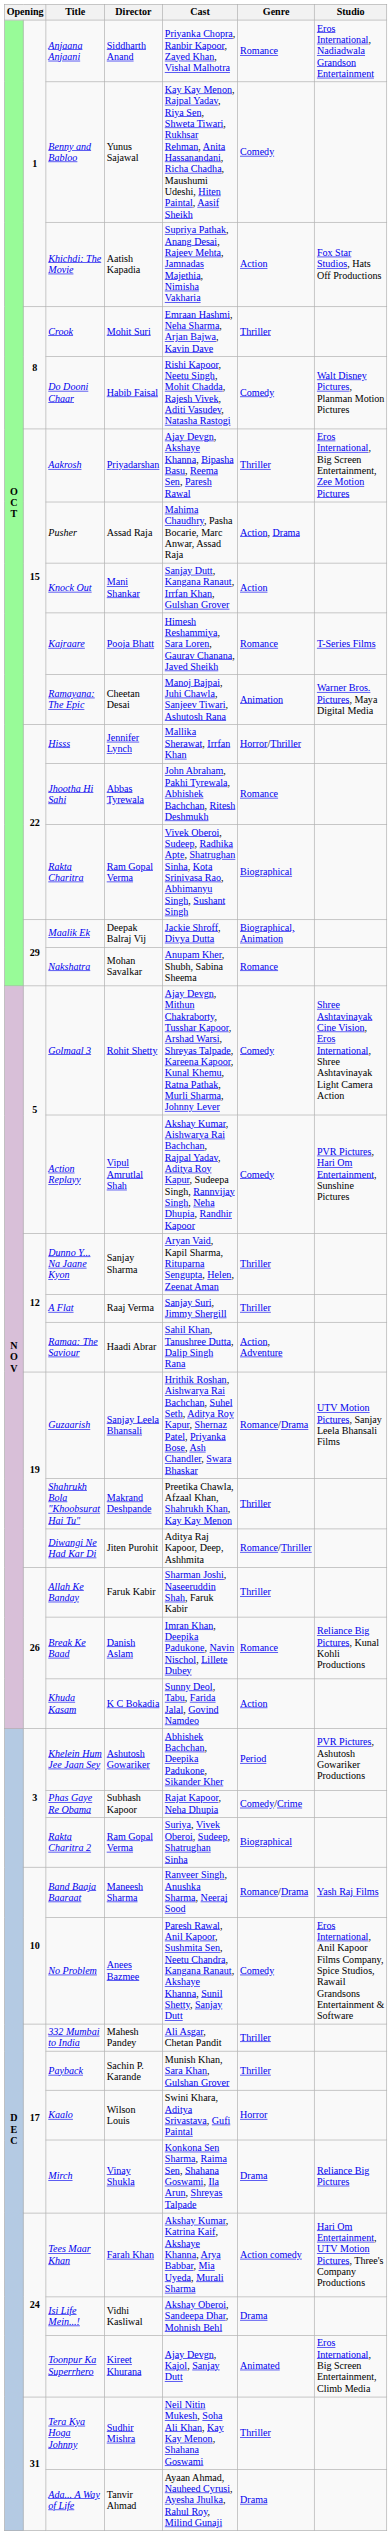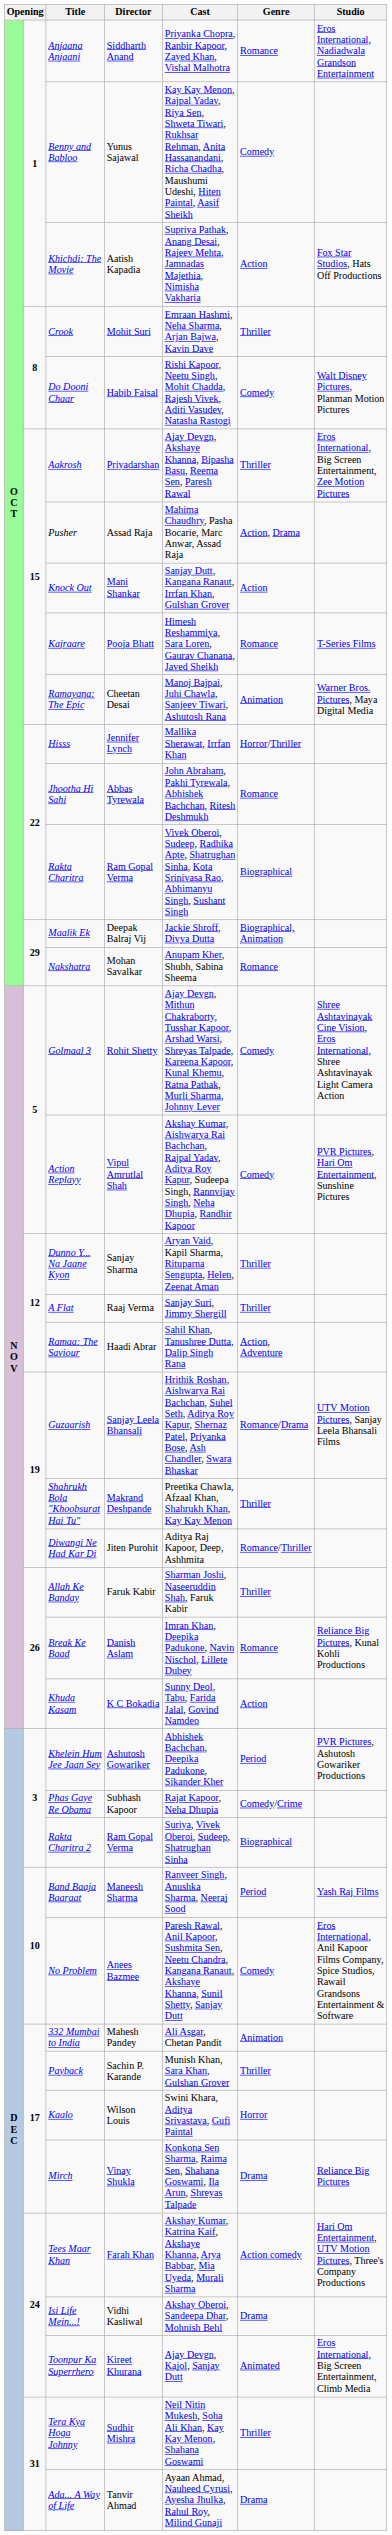 <table class="wikitable">
 <tr style="background:#b0e0e66; text-align:center;">
 <th colspan="2">Opening</th>
 <th>Title</th>
 <th>Director</th>
 <th>Cast</th>
 <th>Genre</th>
 <th>Studio</th>
 </tr>
 <tr>
 <td rowspan="15"   style="text-align:center; background:#98fb98; textcolor:#000;"><strong>O<br>C<br>T</strong></td>
 <td rowspan="3" style="text-align:center;"><strong>1</strong></td>
 <td><em><a href='#'>Anjaana Anjaani</a></em></td>
 <td><a href='#'>Siddharth Anand</a></td>
 <td><a href='#'>Priyanka Chopra</a>, <a href='#'>Ranbir Kapoor</a>, <a href='#'>Zayed Khan</a>, <a href='#'>Vishal Malhotra</a></td>
 <td><a href='#'>Romance</a></td>
 <td><a href='#'>Eros International</a>, <a href='#'>Nadiadwala Grandson Entertainment</a></td>
 </tr>
 <tr>
 <td><em><a href='#'>Benny and Babloo</a></em></td>
 <td>Yunus Sajawal</td>
 <td><a href='#'>Kay Kay Menon</a>, <a href='#'>Rajpal Yadav</a>, <a href='#'>Riya Sen</a>, <a href='#'>Shweta Tiwari</a>, <a href='#'>Rukhsar Rehman</a>, <a href='#'>Anita Hassanandani</a>, <a href='#'>Richa Chadha</a>, Maushumi Udeshi, <a href='#'>Hiten Paintal</a>, <a href='#'>Aasif Sheikh</a></td>
 <td><a href='#'>Comedy</a></td>
 <td></td>
 </tr>
 <tr>
 <td><em><a href='#'>Khichdi: The Movie</a></em></td>
 <td>Aatish Kapadia</td>
 <td><a href='#'>Supriya Pathak</a>, <a href='#'>Anang Desai</a>, <a href='#'>Rajeev Mehta</a>, <a href='#'>Jamnadas Majethia</a>, <a href='#'>Nimisha Vakharia</a></td>
 <td><a href='#'>Action</a></td>
 <td><a href='#'>Fox Star Studios</a>, Hats Off Productions</td>
 </tr>
 <tr>
 <td rowspan="2" style="text-align:center;"><strong>8</strong></td>
 <td><em><a href='#'>Crook</a></em></td>
 <td><a href='#'>Mohit Suri</a></td>
 <td><a href='#'>Emraan Hashmi</a>, <a href='#'>Neha Sharma</a>, <a href='#'>Arjan Bajwa</a>, <a href='#'>Kavin Dave</a></td>
 <td><a href='#'>Thriller</a></td>
 <td></td>
 </tr>
 <tr>
 <td><em><a href='#'>Do Dooni Chaar</a></em></td>
 <td><a href='#'>Habib Faisal</a></td>
 <td><a href='#'>Rishi Kapoor</a>, <a href='#'>Neetu Singh</a>, <a href='#'>Mohit Chadda</a>, <a href='#'>Rajesh Vivek</a>, <a href='#'>Aditi Vasudev</a>, <a href='#'>Natasha Rastogi</a></td>
 <td><a href='#'>Comedy</a></td>
 <td><a href='#'>Walt Disney Pictures</a>, Planman Motion Pictures</td>
 </tr>
 <tr>
 <td rowspan="5" style="text-align:center;"><strong>15</strong></td>
 <td><em><a href='#'>Aakrosh</a></em></td>
 <td><a href='#'>Priyadarshan</a></td>
 <td><a href='#'>Ajay Devgn</a>, <a href='#'>Akshaye Khanna</a>, <a href='#'>Bipasha Basu</a>, <a href='#'>Reema Sen</a>, <a href='#'>Paresh Rawal</a></td>
 <td><a href='#'>Thriller</a></td>
 <td><a href='#'>Eros International</a>, Big Screen Entertainment, <a href='#'>Zee Motion Pictures</a></td>
 </tr>
 <tr>
 <td><em>Pusher</em></td>
 <td>Assad Raja</td>
 <td><a href='#'>Mahima Chaudhry</a>, Pasha Bocarie, Marc Anwar, Assad Raja</td>
 <td><a href='#'>Action</a>, <a href='#'>Drama</a></td>
 <td></td>
 </tr>
 <tr>
 <td><em><a href='#'>Knock Out</a></em></td>
 <td><a href='#'>Mani Shankar</a></td>
 <td><a href='#'>Sanjay Dutt</a>, <a href='#'>Kangana Ranaut</a>, <a href='#'>Irrfan Khan</a>, <a href='#'>Gulshan Grover</a></td>
 <td><a href='#'>Action</a></td>
 <td></td>
 </tr>
 <tr>
 <td><em><a href='#'>Kajraare</a></em></td>
 <td><a href='#'>Pooja Bhatt</a></td>
 <td><a href='#'>Himesh Reshammiya</a>, <a href='#'>Sara Loren</a>, <a href='#'>Gaurav Chanana</a>, <a href='#'>Javed Sheikh</a></td>
 <td><a href='#'>Romance</a></td>
 <td><a href='#'>T-Series Films</a></td>
 </tr>
 <tr>
 <td><em><a href='#'>Ramayana: The Epic</a></em></td>
 <td>Cheetan Desai</td>
 <td><a href='#'>Manoj Bajpai</a>, <a href='#'>Juhi Chawla</a>, <a href='#'>Sanjeev Tiwari</a>, <a href='#'>Ashutosh Rana</a></td>
 <td><a href='#'>Animation</a></td>
 <td><a href='#'>Warner Bros. Pictures</a>, Maya Digital Media</td>
 </tr>
 <tr>
 <td rowspan="3" style="text-align:center;"><strong>22</strong></td>
 <td><em><a href='#'>Hisss</a></em></td>
 <td><a href='#'>Jennifer Lynch</a></td>
 <td><a href='#'>Mallika Sherawat</a>, <a href='#'>Irrfan Khan</a></td>
 <td><a href='#'>Horror</a>/<a href='#'>Thriller</a></td>
 <td></td>
 </tr>
 <tr>
 <td><em><a href='#'>Jhootha Hi Sahi</a></em></td>
 <td><a href='#'>Abbas Tyrewala</a></td>
 <td><a href='#'>John Abraham</a>, <a href='#'>Pakhi Tyrewala</a>, <a href='#'>Abhishek Bachchan</a>, <a href='#'>Ritesh Deshmukh</a></td>
 <td><a href='#'>Romance</a></td>
 <td></td>
 </tr>
 <tr>
 <td><em><a href='#'>Rakta Charitra</a></em></td>
 <td><a href='#'>Ram Gopal Verma</a></td>
 <td><a href='#'>Vivek Oberoi</a>, <a href='#'>Sudeep</a>, <a href='#'>Radhika Apte</a>, <a href='#'>Shatrughan Sinha</a>, <a href='#'>Kota Srinivasa Rao</a>, <a href='#'>Abhimanyu Singh</a>, <a href='#'>Sushant Singh</a></td>
 <td><a href='#'>Biographical</a></td>
 <td></td>
 </tr>
 <tr>
 <td rowspan="2" style="text-align:center;"><strong>29</strong></td>
 <td><em><a href='#'>Maalik Ek</a></em></td>
 <td>Deepak Balraj Vij</td>
 <td><a href='#'>Jackie Shroff</a>, <a href='#'>Divya Dutta</a></td>
 <td><a href='#'>Biographical, Animation</a></td>
 <td></td>
 </tr>
 <tr>
 <td><em><a href='#'>Nakshatra</a></em></td>
 <td>Mohan Savalkar</td>
 <td><a href='#'>Anupam Kher</a>, Shubh, Sabina Sheema</td>
 <td><a href='#'>Romance</a></td>
 <td></td>
 </tr>
 <tr>
 <td rowspan="11"   style="text-align:center; background:thistle; textcolor:#000;"><strong>N<br>O<br>V</strong></td>
 <td rowspan="2" style="text-align:center;"><strong>5</strong></td>
 <td><em><a href='#'>Golmaal 3</a></em></td>
 <td><a href='#'>Rohit Shetty</a></td>
 <td><a href='#'>Ajay Devgn</a>, <a href='#'>Mithun Chakraborty</a>, <a href='#'>Tusshar Kapoor</a>, <a href='#'>Arshad Warsi</a>, <a href='#'>Shreyas Talpade</a>, <a href='#'>Kareena Kapoor</a>, <a href='#'>Kunal Khemu</a>, <a href='#'>Ratna Pathak</a>, <a href='#'>Murli Sharma</a>, <a href='#'>Johnny Lever</a></td>
 <td><a href='#'>Comedy</a></td>
 <td><a href='#'>Shree Ashtavinayak Cine Vision</a>, <a href='#'>Eros International</a>, Shree Ashtavinayak Light Camera Action</td>
 </tr>
 <tr>
 <td><em><a href='#'>Action Replayy</a></em></td>
 <td><a href='#'>Vipul Amrutlal Shah</a></td>
 <td><a href='#'>Akshay Kumar</a>, <a href='#'>Aishwarya Rai Bachchan</a>, <a href='#'>Rajpal Yadav</a>, <a href='#'>Aditya Roy Kapur</a>, Sudeepa Singh, <a href='#'>Rannvijay Singh</a>, <a href='#'>Neha Dhupia</a>, <a href='#'>Randhir Kapoor</a></td>
 <td><a href='#'>Comedy</a></td>
 <td><a href='#'>PVR Pictures</a>, <a href='#'>Hari Om Entertainment</a>, Sunshine Pictures</td>
 </tr>
 <tr>
 <td rowspan="3" style="text-align:center;"><strong>12</strong></td>
 <td><em><a href='#'>Dunno Y... Na Jaane Kyon</a></em></td>
 <td>Sanjay Sharma</td>
 <td><a href='#'>Aryan Vaid</a>, Kapil Sharma, <a href='#'>Rituparna Sengupta</a>, <a href='#'>Helen</a>, <a href='#'>Zeenat Aman</a></td>
 <td><a href='#'>Thriller</a></td>
 <td></td>
 </tr>
 <tr>
 <td><em><a href='#'>A Flat</a></em></td>
 <td>Raaj Verma</td>
 <td><a href='#'>Sanjay Suri</a>, <a href='#'>Jimmy Shergill</a></td>
 <td><a href='#'>Thriller</a></td>
 <td></td>
 </tr>
 <tr>
 <td><em><a href='#'>Ramaa: The Saviour</a></em></td>
 <td>Haadi Abrar</td>
 <td><a href='#'>Sahil Khan</a>, <a href='#'>Tanushree Dutta</a>, <a href='#'>Dalip Singh Rana</a></td>
 <td><a href='#'>Action</a>, <a href='#'>Adventure</a></td>
 <td></td>
 </tr>
 <tr>
 <td rowspan="3" style="text-align:center;"><strong>19</strong></td>
 <td><em><a href='#'>Guzaarish</a></em></td>
 <td><a href='#'>Sanjay Leela Bhansali</a></td>
 <td><a href='#'>Hrithik Roshan</a>, <a href='#'>Aishwarya Rai Bachchan</a>, <a href='#'>Suhel Seth</a>, <a href='#'>Aditya Roy Kapur</a>, <a href='#'>Shernaz Patel</a>, <a href='#'>Priyanka Bose</a>, <a href='#'>Ash Chandler</a>, <a href='#'>Swara Bhaskar</a></td>
 <td><a href='#'>Romance</a>/<a href='#'>Drama</a></td>
 <td><a href='#'>UTV Motion Pictures</a>, Sanjay Leela Bhansali Films</td>
 </tr>
 <tr>
 <td><em><a href='#'>Shahrukh Bola "Khoobsurat Hai Tu"</a></em></td>
 <td><a href='#'>Makrand Deshpande</a></td>
 <td>Preetika Chawla, Afzaal Khan, <a href='#'>Shahrukh Khan</a>, <a href='#'>Kay Kay Menon</a></td>
 <td><a href='#'>Thriller</a></td>
 <td></td>
 </tr>
 <tr>
 <td><em><a href='#'>Diwangi Ne Had Kar Di</a></em></td>
 <td>Jiten Purohit</td>
 <td>Aditya Raj Kapoor, Deep, Ashhmita</td>
 <td><a href='#'>Romance</a>/<a href='#'>Thriller</a></td>
 <td></td>
 </tr>
 <tr>
 <td rowspan="3" style="text-align:center;"><strong>26</strong></td>
 <td><em><a href='#'>Allah Ke Banday</a></em></td>
 <td>Faruk Kabir</td>
 <td><a href='#'>Sharman Joshi</a>, <a href='#'>Naseeruddin Shah</a>, Faruk Kabir</td>
 <td><a href='#'>Thriller</a></td>
 <td></td>
 </tr>
 <tr>
 <td><em><a href='#'>Break Ke Baad</a></em></td>
 <td><a href='#'>Danish Aslam</a></td>
 <td><a href='#'>Imran Khan</a>, <a href='#'>Deepika Padukone</a>, <a href='#'>Navin Nischol</a>, <a href='#'>Lillete Dubey</a></td>
 <td><a href='#'>Romance</a></td>
 <td><a href='#'>Reliance Big Pictures</a>, Kunal Kohli Productions</td>
 </tr>
 <tr>
 <td><em><a href='#'>Khuda Kasam</a></em></td>
 <td><a href='#'>K C Bokadia</a></td>
 <td><a href='#'>Sunny Deol</a>, <a href='#'>Tabu</a>, <a href='#'>Farida Jalal</a>, <a href='#'>Govind Namdeo</a></td>
 <td><a href='#'>Action</a></td>
 <td></td>
 </tr>
 <tr>
 <td rowspan="16"   style="text-align:center; background:#b4cae3; textcolor:#000;"><strong>D<br>E<br>C</strong></td>
 <td rowspan="3"  style="text-align:center;"><strong>3</strong></td>
 <td><em><a href='#'>Khelein Hum Jee Jaan Sey</a></em></td>
 <td><a href='#'>Ashutosh Gowariker</a></td>
 <td><a href='#'>Abhishek Bachchan</a>, <a href='#'>Deepika Padukone</a>, <a href='#'>Sikander Kher</a></td>
 <td><a href='#'>Period</a></td>
 <td><a href='#'>PVR Pictures</a>, Ashutosh Gowariker Productions</td>
 </tr>
 <tr>
 <td><em><a href='#'>Phas Gaye Re Obama</a></em></td>
 <td>Subhash Kapoor</td>
 <td><a href='#'>Rajat Kapoor</a>, <a href='#'>Neha Dhupia</a></td>
 <td><a href='#'>Comedy</a>/<a href='#'>Crime</a></td>
 <td></td>
 </tr>
 <tr>
 <td><em><a href='#'>Rakta Charitra 2</a></em></td>
 <td><a href='#'>Ram Gopal Verma</a></td>
 <td><a href='#'>Suriya</a>, <a href='#'>Vivek Oberoi</a>, <a href='#'>Sudeep</a>, <a href='#'>Shatrughan Sinha</a></td>
 <td><a href='#'>Biographical</a></td>
 <td></td>
 </tr>
 <tr>
 <td rowspan="2"  style="text-align:center;"><strong>10</strong></td>
 <td><em><a href='#'>Band Baaja Baaraat</a></em></td>
 <td><a href='#'>Maneesh Sharma</a></td>
 <td><a href='#'>Ranveer Singh</a>, <a href='#'>Anushka Sharma</a>, <a href='#'>Neeraj Sood</a></td>
-<td><a href='#'>Romance</a>/<a href='#'>Drama</a></td>
+<td><a href='#'>Period</a></td>
 <td><a href='#'>Yash Raj Films</a></td>
 </tr>
 <tr>
 <td><em><a href='#'>No Problem</a></em></td>
 <td><a href='#'>Anees Bazmee</a></td>
 <td><a href='#'>Paresh Rawal</a>, <a href='#'>Anil Kapoor</a>, <a href='#'>Sushmita Sen</a>, <a href='#'>Neetu Chandra</a>, <a href='#'>Kangana Ranaut</a>, <a href='#'>Akshaye Khanna</a>, <a href='#'>Sunil Shetty</a>, <a href='#'>Sanjay Dutt</a></td>
 <td><a href='#'>Comedy</a></td>
 <td><a href='#'>Eros International</a>, Anil Kapoor Films Company, Spice Studios, Rawail Grandsons Entertainment & Software</td>
 </tr>
 <tr>
 <td rowspan="4"  style="text-align:center;"><strong>17</strong></td>
 <td><em><a href='#'>332 Mumbai to India</a></em></td>
 <td>Mahesh Pandey</td>
 <td><a href='#'>Ali Asgar</a>, Chetan Pandit</td>
-<td><a href='#'>Thriller</a></td>
+<td><a href='#'>Animation</a></td>
 <td></td>
 </tr>
 <tr>
 <td><em><a href='#'>Payback</a></em></td>
 <td>Sachin P. Karande</td>
 <td>Munish Khan, <a href='#'>Sara Khan</a>, <a href='#'>Gulshan Grover</a></td>
 <td><a href='#'>Thriller</a></td>
 <td></td>
 </tr>
 <tr>
 <td><em><a href='#'>Kaalo</a></em></td>
 <td>Wilson Louis</td>
 <td>Swini Khara, <a href='#'>Aditya Srivastava</a>, <a href='#'>Gufi Paintal</a></td>
 <td><a href='#'>Horror</a></td>
 <td></td>
 </tr>
 <tr>
 <td><em><a href='#'>Mirch</a></em></td>
 <td><a href='#'>Vinay Shukla</a></td>
 <td><a href='#'>Konkona Sen Sharma</a>, <a href='#'>Raima Sen</a>, <a href='#'>Shahana Goswami</a>, <a href='#'>Ila Arun</a>, <a href='#'>Shreyas Talpade</a></td>
 <td><a href='#'>Drama</a></td>
 <td><a href='#'>Reliance Big Pictures</a></td>
 </tr>
 <tr>
 <td rowspan="3" style="text-align:center;"><strong>24</strong></td>
 <td><em><a href='#'>Tees Maar Khan</a></em></td>
 <td><a href='#'>Farah Khan</a></td>
 <td><a href='#'>Akshay Kumar</a>, <a href='#'>Katrina Kaif</a>, <a href='#'>Akshaye Khanna</a>, <a href='#'>Arya Babbar</a>, <a href='#'>Mia Uyeda</a>, <a href='#'>Murali Sharma</a></td>
 <td><a href='#'>Action comedy</a></td>
 <td><a href='#'>Hari Om Entertainment</a>, <a href='#'>UTV Motion Pictures</a>, Three's Company Productions</td>
 </tr>
 <tr>
 <td><em><a href='#'>Isi Life Mein...!</a></em></td>
 <td>Vidhi Kasliwal</td>
 <td><a href='#'>Akshay Oberoi</a>, <a href='#'>Sandeepa Dhar</a>, <a href='#'>Mohnish Behl</a></td>
 <td><a href='#'>Drama</a></td>
 <td></td>
 </tr>
 <tr>
 <td><em><a href='#'>Toonpur Ka Superrhero</a></em></td>
 <td><a href='#'>Kireet Khurana</a></td>
 <td><a href='#'>Ajay Devgn</a>, <a href='#'>Kajol</a>, <a href='#'>Sanjay Dutt</a></td>
 <td><a href='#'>Animated</a></td>
 <td><a href='#'>Eros International</a>, Big Screen Entertainment, Climb Media</td>
 </tr>
 <tr>
 <td rowspan="2" style="text-align:center;"><strong>31</strong></td>
 <td><em><a href='#'>Tera Kya Hoga Johnny</a></em></td>
 <td><a href='#'>Sudhir Mishra</a></td>
 <td><a href='#'>Neil Nitin Mukesh</a>, <a href='#'>Soha Ali Khan</a>, <a href='#'>Kay Kay Menon</a>, <a href='#'>Shahana Goswami</a></td>
 <td><a href='#'>Thriller</a></td>
 <td></td>
 </tr>
 <tr>
 <td><em><a href='#'>Ada... A Way of Life</a></em></td>
 <td>Tanvir Ahmad</td>
 <td>Ayaan Ahmad, <a href='#'>Nauheed Cyrusi</a>, <a href='#'>Ayesha Jhulka</a>, <a href='#'>Rahul Roy</a>, <a href='#'>Milind Gunaji</a></td>
 <td><a href='#'>Drama</a></td>
 <td></td>
 </tr>
 </table>
